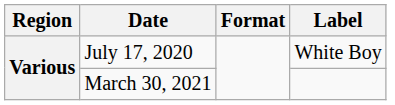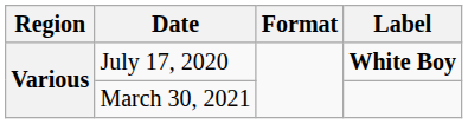 <table class="wikitable plainrowheaders">
 <tr>
 <th scope="col">Region</th>
 <th scope="col">Date</th>
 <th scope="col">Format</th>
 <th scope="col">Label</th>
 </tr>
 <tr>
 <th scope="row" rowspan="2">Various</th>
 <td>July 17, 2020</td>
 <td rowspan="2"></td>
-<td>White Boy</td>
+<td><strong>White Boy</strong></td>
 </tr>
 <tr>
 <td>March 30, 2021</td>
 <td></td>
 </tr>
 </table>
